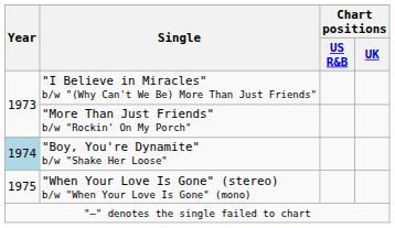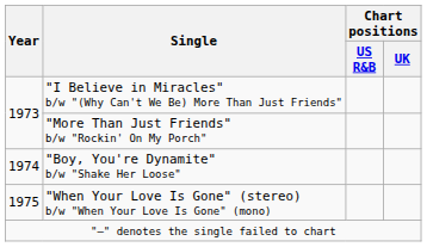 <table class=wikitable>
 <tr>
 <th rowspan="2">Year</th>
 <th rowspan="2">Single</th>
 <th colspan="2">Chart positions</th>
 </tr>
 <tr>
 <th width="30"><a href='#'>US R&B</a><br></th>
 <th width="30"><a href='#'>UK</a><br></th>
 </tr>
 <tr>
 <td rowspan="2">1973</td>
 <td>"I Believe in Miracles"<br><small>b/w "(Why Can't We Be) More Than Just Friends"</small></td>
 <td></td>
 <td></td>
 </tr>
 <tr>
 <td>"More Than Just Friends"<br><small>b/w "Rockin' On My Porch"</small></td>
 <td></td>
 <td></td>
 </tr>
 <tr>
-<td rowspan="1" style="background: lightblue;">1974</td>
+<td rowspan="1">1974</td>
 <td>"Boy, You're Dynamite"<br><small>b/w "Shake Her Loose"</small></td>
 <td></td>
 <td></td>
 </tr>
 <tr>
 <td rowspan="1">1975</td>
 <td>"When Your Love Is Gone" (stereo)<br><small>b/w "When Your Love Is Gone" (mono)</small></td>
 <td></td>
 <td></td>
 </tr>
 <tr>
 <td style="text-align:center;" colspan="4"><small>"—" denotes the single failed to chart</small></td>
 </tr>
 </table>
